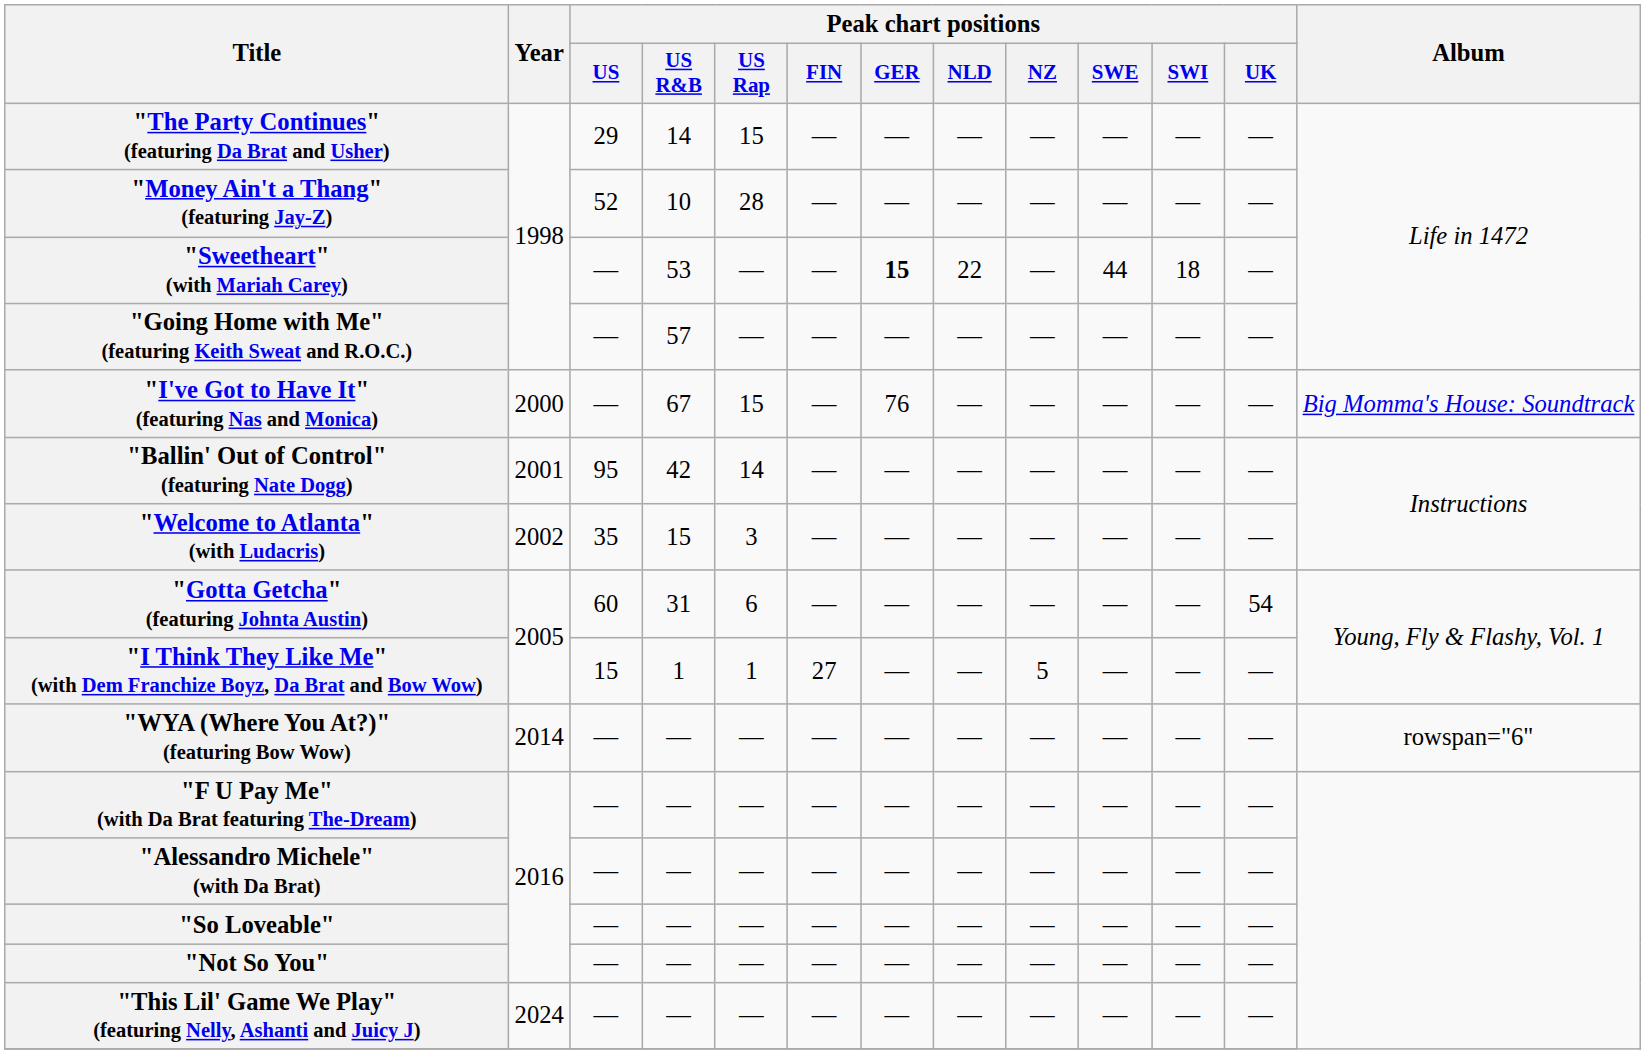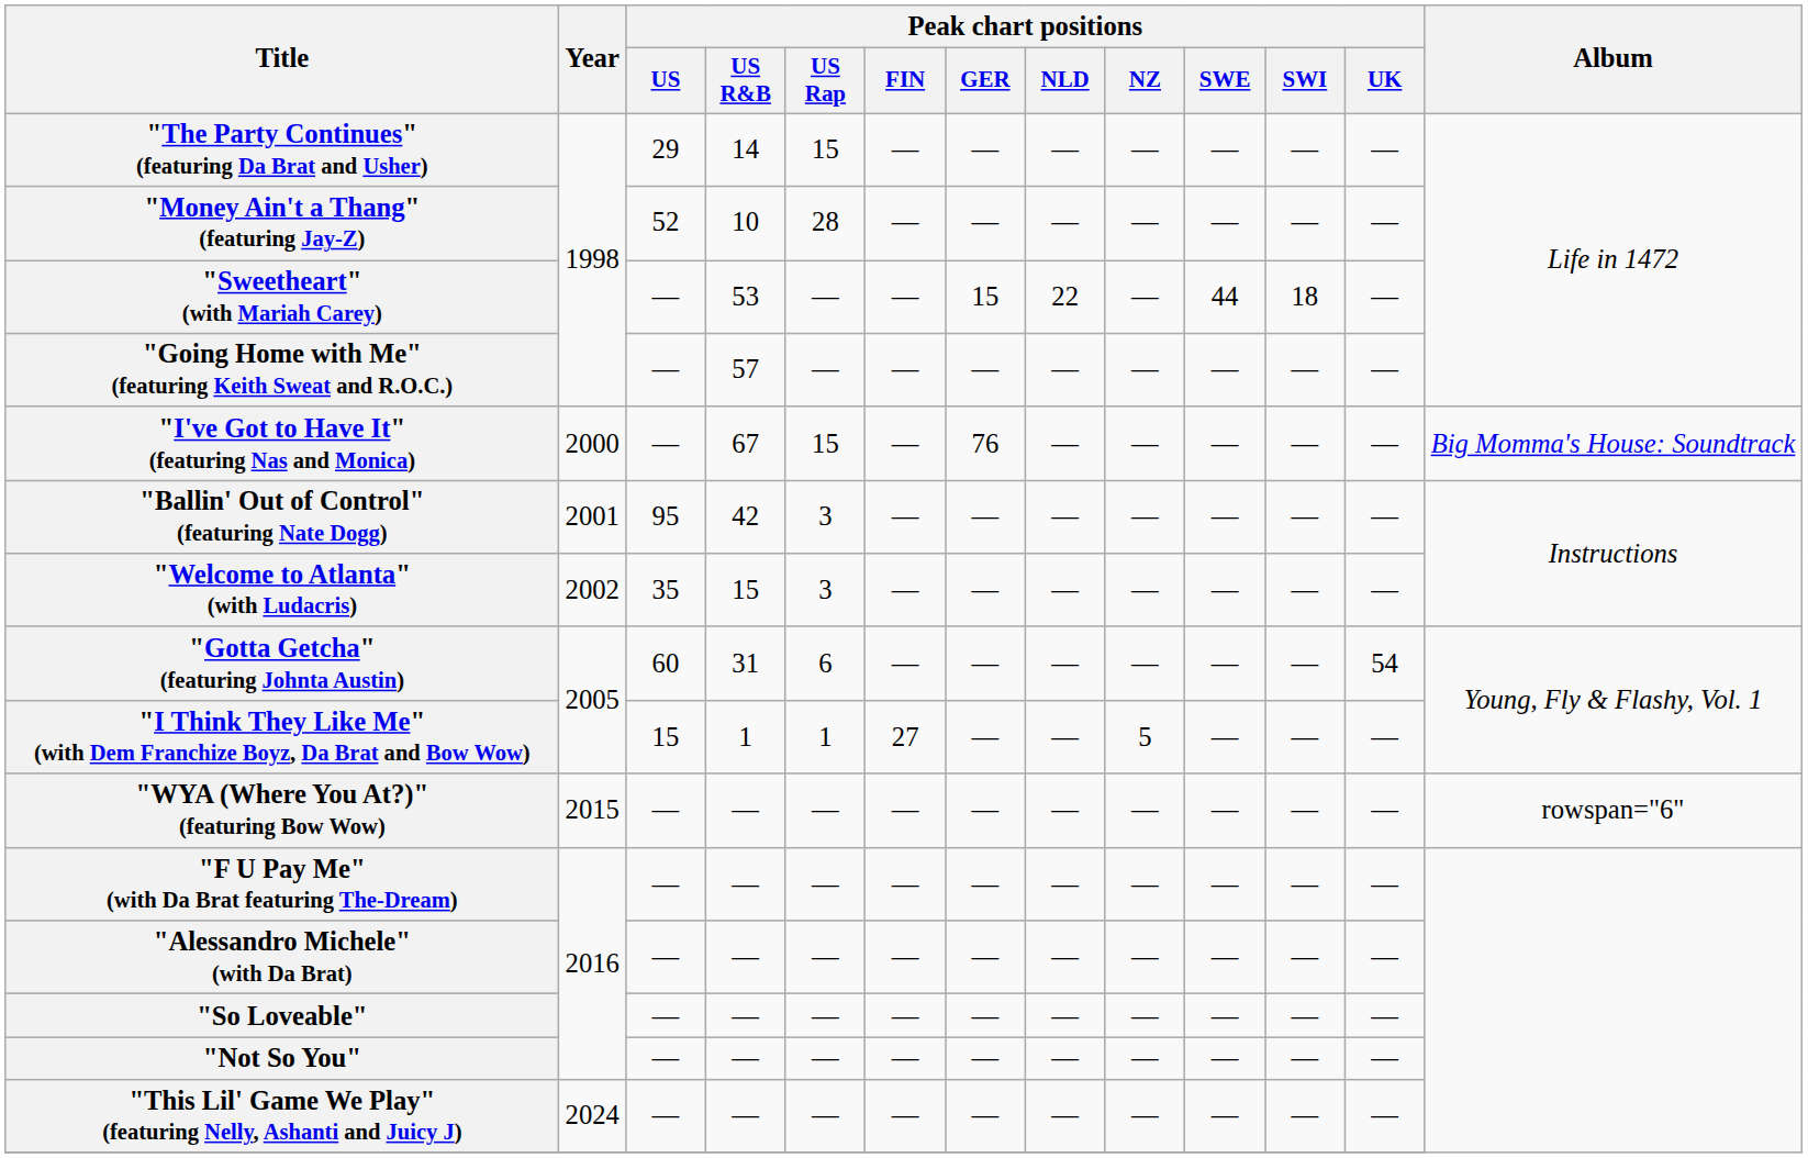 <table class="wikitable plainrowheaders" style="text-align:center;" border="1">
 <tr>
 <th scope="col" rowspan="2" style="width:20em;">Title</th>
 <th scope="col" rowspan="2">Year</th>
 <th scope="col" colspan="10">Peak chart positions</th>
 <th scope="col" rowspan="2">Album</th>
 </tr>
 <tr>
 <th scope="col" style="width:3em;font-size:85%;"><a href='#'>US</a><br></th>
 <th scope="col" style="width:3em;font-size:85%;"><a href='#'>US R&B</a><br></th>
 <th scope="col" style="width:3em;font-size:85%;"><a href='#'>US Rap</a><br></th>
 <th scope="col" style="width:3em;font-size:85%;"><a href='#'>FIN</a><br></th>
 <th scope="col" style="width:3em;font-size:85%;"><a href='#'>GER</a><br></th>
 <th scope="col" style="width:3em;font-size:85%;"><a href='#'>NLD</a><br></th>
 <th scope="col" style="width:3em;font-size:85%;"><a href='#'>NZ</a><br></th>
 <th scope="col" style="width:3em;font-size:85%;"><a href='#'>SWE</a><br></th>
 <th scope="col" style="width:3em;font-size:85%;"><a href='#'>SWI</a><br></th>
 <th scope="col" style="width:3em;font-size:85%;"><a href='#'>UK</a><br></th>
 </tr>
 <tr>
 <th scope="row">"<a href='#'>The Party Continues</a>" <br><small>(featuring <a href='#'>Da Brat</a> and <a href='#'>Usher</a>)</small></th>
 <td rowspan="4">1998</td>
 <td>29</td>
 <td>14</td>
 <td>15</td>
 <td>—</td>
 <td>—</td>
 <td>—</td>
 <td>—</td>
 <td>—</td>
 <td>—</td>
 <td>—</td>
 <td rowspan="4"><em>Life in 1472</em></td>
 </tr>
 <tr>
 <th scope="row">"<a href='#'>Money Ain't a Thang</a>" <br><small>(featuring <a href='#'>Jay-Z</a>)</small></th>
 <td>52</td>
 <td>10</td>
 <td>28</td>
 <td>—</td>
 <td>—</td>
 <td>—</td>
 <td>—</td>
 <td>—</td>
 <td>—</td>
 <td>—</td>
 </tr>
 <tr>
 <th scope="row">"<a href='#'>Sweetheart</a>" <br><small>(with <a href='#'>Mariah Carey</a>)</small></th>
 <td>—</td>
 <td>53</td>
 <td>—</td>
 <td>—</td>
-<td><strong>15</strong></td>
+<td>15</td>
 <td>22</td>
 <td>—</td>
 <td>44</td>
 <td>18</td>
 <td>—</td>
 </tr>
 <tr>
 <th scope="row">"Going Home with Me"<br><small>(featuring <a href='#'>Keith Sweat</a> and R.O.C.)</small></th>
 <td>—</td>
 <td>57</td>
 <td>—</td>
 <td>—</td>
 <td>—</td>
 <td>—</td>
 <td>—</td>
 <td>—</td>
 <td>—</td>
 <td>—</td>
 </tr>
 <tr>
 <th scope="row">"<a href='#'>I've Got to Have It</a>"<br><small>(featuring <a href='#'>Nas</a> and <a href='#'>Monica</a>)</small></th>
 <td>2000</td>
 <td>—</td>
 <td>67</td>
 <td>15</td>
 <td>—</td>
 <td>76</td>
 <td>—</td>
 <td>—</td>
 <td>—</td>
 <td>—</td>
 <td>—</td>
 <td><em><a href='#'>Big Momma's House: Soundtrack</a></em></td>
 </tr>
 <tr>
 <th scope="row">"Ballin' Out of Control" <br><small>(featuring <a href='#'>Nate Dogg</a>)</small></th>
 <td>2001</td>
 <td>95</td>
 <td>42</td>
-<td>14</td>
+<td>3</td>
 <td>—</td>
 <td>—</td>
 <td>—</td>
 <td>—</td>
 <td>—</td>
 <td>—</td>
 <td>—</td>
 <td rowspan="2"><em>Instructions</em></td>
 </tr>
 <tr>
 <th scope="row">"<a href='#'>Welcome to Atlanta</a>" <br><small>(with <a href='#'>Ludacris</a>)</small></th>
 <td>2002</td>
 <td>35</td>
 <td>15</td>
 <td>3</td>
 <td>—</td>
 <td>—</td>
 <td>—</td>
 <td>—</td>
 <td>—</td>
 <td>—</td>
 <td>—</td>
 </tr>
 <tr>
 <th scope="row">"<a href='#'>Gotta Getcha</a>" <br><small>(featuring <a href='#'>Johnta Austin</a>)</small></th>
 <td rowspan="2">2005</td>
 <td>60</td>
 <td>31</td>
 <td>6</td>
 <td>—</td>
 <td>—</td>
 <td>—</td>
 <td>—</td>
 <td>—</td>
 <td>—</td>
 <td>54</td>
 <td rowspan="2"><em>Young, Fly & Flashy, Vol. 1</em></td>
 </tr>
 <tr>
 <th scope="row">"<a href='#'>I Think They Like Me</a>" <br><small>(with <a href='#'>Dem Franchize Boyz</a>, <a href='#'>Da Brat</a> and <a href='#'>Bow Wow</a>)</small></th>
 <td>15</td>
 <td>1</td>
 <td>1</td>
 <td>27</td>
 <td>—</td>
 <td>—</td>
 <td>5</td>
 <td>—</td>
 <td>—</td>
 <td>—</td>
 </tr>
 <tr>
 <th scope="row">"WYA (Where You At?)" <br><small>(featuring Bow Wow)</small></th>
-<td>2014</td>
+<td>2015</td>
 <td>—</td>
 <td>—</td>
 <td>—</td>
 <td>—</td>
 <td>—</td>
 <td>—</td>
 <td>—</td>
 <td>—</td>
 <td>—</td>
 <td>—</td>
 <td>rowspan="6" </td>
 </tr>
 <tr>
 <th scope="row">"F U Pay Me" <br><small>(with Da Brat featuring <a href='#'>The-Dream</a>)</small></th>
 <td rowspan="4">2016</td>
 <td>—</td>
 <td>—</td>
 <td>—</td>
 <td>—</td>
 <td>—</td>
 <td>—</td>
 <td>—</td>
 <td>—</td>
 <td>—</td>
 <td>—</td>
 </tr>
 <tr>
 <th scope="row">"Alessandro Michele" <br><small>(with Da Brat)</small></th>
 <td>—</td>
 <td>—</td>
 <td>—</td>
 <td>—</td>
 <td>—</td>
 <td>—</td>
 <td>—</td>
 <td>—</td>
 <td>—</td>
 <td>—</td>
 </tr>
 <tr>
 <th scope= "row">"So Loveable"</th>
 <td>—</td>
 <td>—</td>
 <td>—</td>
 <td>—</td>
 <td>—</td>
 <td>—</td>
 <td>—</td>
 <td>—</td>
 <td>—</td>
 <td>—</td>
 </tr>
 <tr>
 <th scope= "row">"Not So You"</th>
 <td>—</td>
 <td>—</td>
 <td>—</td>
 <td>—</td>
 <td>—</td>
 <td>—</td>
 <td>—</td>
 <td>—</td>
 <td>—</td>
 <td>—</td>
 </tr>
 <tr>
 <th scope="row">"This Lil' Game We Play" <br><small>(featuring <a href='#'>Nelly</a>, <a href='#'>Ashanti</a> and <a href='#'>Juicy J</a>)</small></th>
 <td>2024</td>
 <td>—</td>
 <td>—</td>
 <td>—</td>
 <td>—</td>
 <td>—</td>
 <td>—</td>
 <td>—</td>
 <td>—</td>
 <td>—</td>
 <td>—</td>
 </tr>
 <tr>
 </tr>
 </table>
